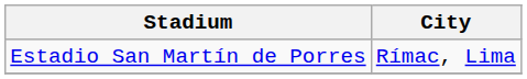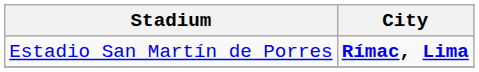 <table class="wikitable sortable">
 <tr>
 <th>Stadium</th>
 <th>City</th>
 </tr>
 <tr>
 <td><a href='#'>Estadio San Martín de Porres</a></td>
-<td><a href='#'>Rímac</a>, <a href='#'>Lima</a></td>
+<td><strong><a href='#'>Rímac</a>, <a href='#'>Lima</a></strong></td>
 </tr>
 <tr>
 </tr>
 </table>
